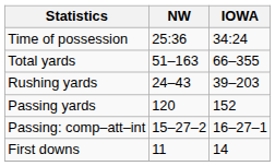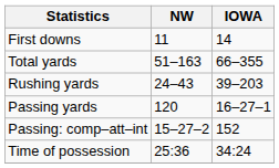 <table class="wikitable" style="float: left;">
 <tr>
 <th>Statistics</th>
 <th>NW</th>
 <th>IOWA</th>
 </tr>
 <tr>
-<td>Time of possession</td>
-<td>25:36</td>
-<td>34:24</td>
+<td>First downs</td>
+<td>11</td>
+<td>14</td>
 </tr>
 <tr>
 <td>Total yards</td>
 <td>51–163</td>
 <td>66–355</td>
 </tr>
 <tr>
 <td>Rushing yards</td>
 <td>24–43</td>
 <td>39–203</td>
 </tr>
 <tr>
 <td>Passing yards</td>
 <td>120</td>
-<td>152</td>
+<td>16–27–1</td>
 </tr>
 <tr>
 <td>Passing: comp–att–int</td>
 <td>15–27–2</td>
-<td>16–27–1</td>
+<td>152</td>
 </tr>
 <tr>
-<td>First downs</td>
-<td>11</td>
-<td>14</td>
+<td>Time of possession</td>
+<td>25:36</td>
+<td>34:24</td>
 </tr>
 <tr>
 </tr>
 </table>
